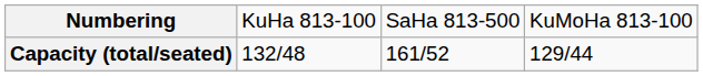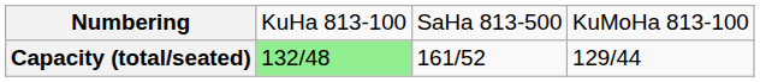 <table class="wikitable">
 <tr>
 <th>Numbering</th>
 <td>KuHa 813-100</td>
 <td>SaHa 813-500</td>
 <td>KuMoHa 813-100</td>
 </tr>
 <tr>
 <th>Capacity (total/seated)</th>
-<td>132/48</td>
+<td style="background: lightgreen;">132/48</td>
 <td>161/52</td>
 <td>129/44</td>
 </tr>
 </table>
